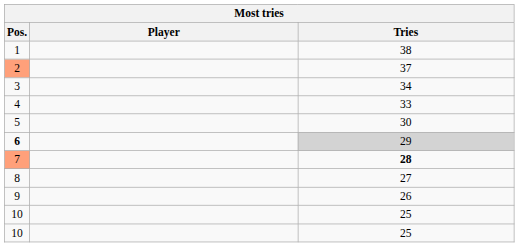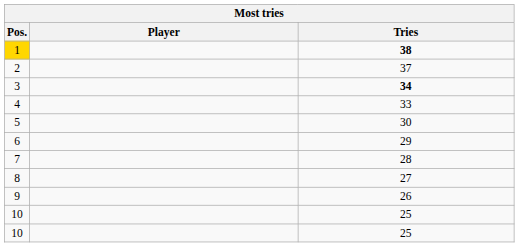 <table class="wikitable" style="text-align:center">
 <tr bgcolor="#efefef">
 <th colspan=4 style="border-right:0px;";>Most tries<br></th>
 </tr>
 <tr bgcolor="#efefef">
 <th width=5%>Pos.</th>
 <th>Player</th>
 <th>Tries</th>
 </tr>
 <tr>
-<td>1</td>
+<td style="background: gold;">1</td>
 <td align=left></td>
-<td>38</td>
+<td><strong>38</strong></td>
 </tr>
 <tr>
-<td style="background: lightsalmon;">2</td>
+<td>2</td>
 <td align=left></td>
 <td>37</td>
 </tr>
 <tr>
 <td>3</td>
 <td align=left></td>
-<td>34</td>
+<td><strong>34</strong></td>
 </tr>
 <tr>
 <td>4</td>
 <td align=left></td>
 <td>33</td>
 </tr>
 <tr>
 <td>5</td>
 <td align=left></td>
 <td>30</td>
 </tr>
 <tr>
-<td><strong>6</strong></td>
+<td>6</td>
 <td align=left></td>
-<td style="background: lightgrey;">29</td>
+<td>29</td>
 </tr>
 <tr>
-<td style="background: lightsalmon;">7</td>
+<td>7</td>
 <td align=left></td>
-<td><strong>28</strong></td>
+<td>28</td>
 </tr>
 <tr>
 <td>8</td>
 <td align=left></td>
 <td>27</td>
 </tr>
 <tr>
 <td>9</td>
 <td align=left></td>
 <td>26</td>
 </tr>
 <tr>
 <td>10</td>
 <td align=left></td>
 <td>25</td>
 </tr>
 <tr>
 <td>10</td>
 <td align=left></td>
 <td>25</td>
 </tr>
 </table>
